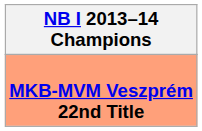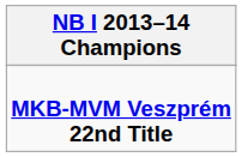 <table class="wikitable" style="text-align: center; margin: 0 auto;">
 <tr>
 <th><a href='#'>NB I</a> 2013–14<br>Champions</th>
 </tr>
 <tr>
 </tr>
 <tr>
-<td style="background: lightsalmon;"><br><strong><a href='#'>MKB-MVM Veszprém</a></strong><br><strong>22nd Title</strong></td>
+<td><br><strong><a href='#'>MKB-MVM Veszprém</a></strong><br><strong>22nd Title</strong></td>
 </tr>
 </table>
